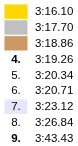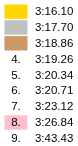 <table style="text-align:center">
 <tr>
 <td width=30 bgcolor=gold></td>
 <td align=left></td>
 <td width=60>3:16.10</td>
 </tr>
 <tr>
 <td bgcolor=silver></td>
 <td align=left></td>
 <td>3:17.70</td>
 </tr>
 <tr>
 <td bgcolor=cc9966></td>
 <td align=left></td>
 <td>3:18.86</td>
 </tr>
 <tr>
-<td><strong>4.</strong></td>
+<td>4.</td>
 <td align=left></td>
 <td>3:19.26</td>
 </tr>
 <tr>
 <td>5.</td>
 <td align=left></td>
 <td>3:20.34</td>
 </tr>
 <tr>
 <td>6.</td>
 <td align=left></td>
 <td>3:20.71</td>
 </tr>
 <tr>
-<td style="background: lavender;">7.</td>
+<td>7.</td>
 <td align=left></td>
 <td>3:23.12</td>
 </tr>
 <tr>
-<td>8.</td>
+<td style="background: pink;">8.</td>
 <td align=left></td>
 <td>3:26.84</td>
 </tr>
 <tr>
-<td><strong>9.</strong></td>
+<td>9.</td>
 <td align=left></td>
 <td>3:43.43</td>
 </tr>
 </table>
